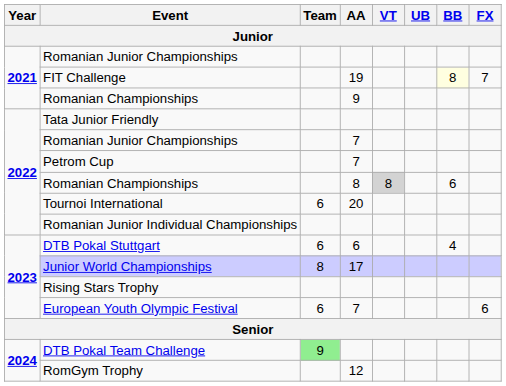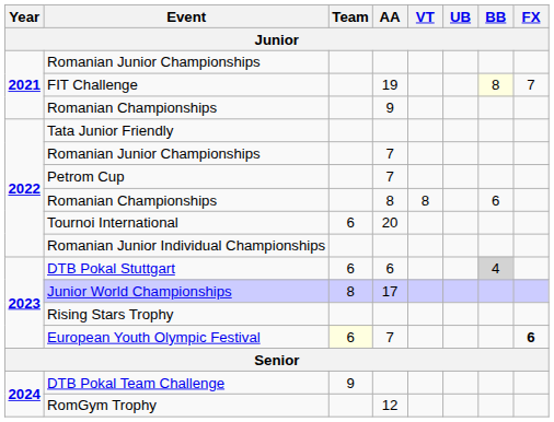 <table class="wikitable" style="text-align:center; font-size:95%;">
 <tr>
 <th align=center>Year</th>
 <th align=center>Event</th>
 <th style="width:30px;">Team</th>
 <th style="width:30px;">AA</th>
 <th style="width:30px;"><a href='#'>VT</a></th>
 <th style="width:30px;"><a href='#'>UB</a></th>
 <th style="width:30px;"><a href='#'>BB</a></th>
 <th style="width:30px;"><a href='#'>FX</a></th>
 </tr>
 <tr>
 <th colspan="8">Junior</th>
 </tr>
 <tr>
 <td rowspan="3"><strong><a href='#'>2021</a></strong></td>
 <td align=left>Romanian Junior Championships</td>
 <td></td>
 <td></td>
 <td></td>
 <td></td>
 <td></td>
 <td></td>
 </tr>
 <tr>
 <td align=left>FIT Challenge</td>
 <td></td>
 <td>19</td>
 <td></td>
 <td></td>
 <td style="background: lightyellow;">8</td>
 <td>7</td>
 </tr>
 <tr>
 <td align=left>Romanian Championships</td>
 <td></td>
 <td>9</td>
 <td></td>
 <td></td>
 <td></td>
 <td></td>
 </tr>
 <tr>
 <td rowspan="6"><strong><a href='#'>2022</a></strong></td>
 <td align=left>Tata Junior Friendly</td>
 <td></td>
 <td></td>
 <td></td>
 <td></td>
 <td></td>
 <td></td>
 </tr>
 <tr>
 <td align=left>Romanian Junior Championships</td>
 <td></td>
 <td>7</td>
 <td></td>
 <td></td>
 <td></td>
 <td></td>
 </tr>
 <tr>
 <td align=left>Petrom Cup</td>
 <td></td>
 <td>7</td>
 <td></td>
 <td></td>
 <td></td>
 <td></td>
 </tr>
 <tr>
 <td align=left>Romanian Championships</td>
 <td></td>
 <td>8</td>
-<td style="background: lightgrey;">8</td>
+<td>8</td>
 <td></td>
 <td>6</td>
 <td></td>
 </tr>
 <tr>
 <td align=left>Tournoi International</td>
 <td>6</td>
 <td>20</td>
 <td></td>
 <td></td>
 <td></td>
 <td></td>
 </tr>
 <tr>
 <td align=left>Romanian Junior Individual Championships</td>
 <td></td>
 <td></td>
 <td></td>
 <td></td>
 <td></td>
 <td></td>
 </tr>
 <tr>
 <td rowspan="4"><strong><a href='#'>2023</a></strong></td>
 <td align=left><a href='#'>DTB Pokal Stuttgart</a></td>
 <td>6</td>
 <td>6</td>
 <td></td>
 <td></td>
-<td>4</td>
+<td style="background: lightgrey;">4</td>
 <td></td>
 </tr>
 <tr style="background:#ccf;">
 <td align=left><a href='#'>Junior World Championships</a></td>
 <td>8</td>
 <td>17</td>
 <td></td>
 <td></td>
 <td></td>
 <td></td>
 </tr>
 <tr>
 <td align=left>Rising Stars Trophy</td>
 <td></td>
 <td></td>
 <td></td>
 <td></td>
 <td></td>
 <td></td>
 </tr>
 <tr>
 <td align=left><a href='#'>European Youth Olympic Festival</a></td>
-<td>6</td>
+<td style="background: lightyellow;">6</td>
 <td>7</td>
 <td></td>
 <td></td>
 <td></td>
-<td>6</td>
+<td><strong>6</strong></td>
 </tr>
 <tr>
 <th colspan="8">Senior</th>
 </tr>
 <tr>
 <td rowspan="2"><strong><a href='#'>2024</a></strong></td>
 <td align=left><a href='#'>DTB Pokal Team Challenge</a></td>
-<td style="background: lightgreen;">9</td>
+<td>9</td>
 <td></td>
 <td></td>
 <td></td>
 <td></td>
 <td></td>
 </tr>
 <tr>
 <td align=left>RomGym Trophy</td>
 <td></td>
 <td>12</td>
 <td></td>
 <td></td>
 <td></td>
 <td></td>
 </tr>
 </table>
